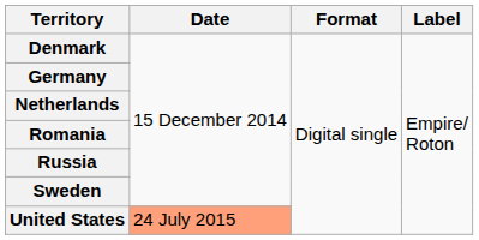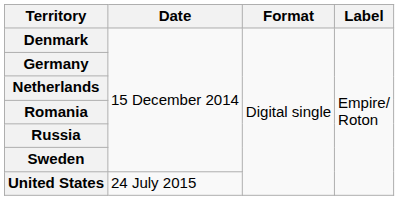 <table class="wikitable plainrowheaders">
 <tr>
 <th scope="col">Territory</th>
 <th scope="col">Date</th>
 <th scope="col">Format</th>
 <th scope="col">Label</th>
 </tr>
 <tr>
 <th scope="row">Denmark</th>
 <td rowspan="6">15 December 2014</td>
 <td rowspan="7">Digital single</td>
 <td rowspan="7">Empire/<br>Roton</td>
 </tr>
 <tr>
 <th scope="row">Germany</th>
 </tr>
 <tr>
 <th scope="row">Netherlands</th>
 </tr>
 <tr>
 <th scope="row">Romania</th>
 </tr>
 <tr>
 <th scope="row">Russia</th>
 </tr>
 <tr>
 <th scope="row">Sweden</th>
 </tr>
 <tr>
 <th scope="row">United States</th>
-<td rowspan="1" style="background: lightsalmon;">24 July 2015</td>
+<td rowspan="1">24 July 2015</td>
 </tr>
 </table>
